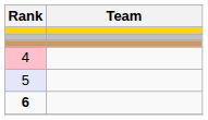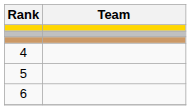 <table class="wikitable">
 <tr>
 <th>Rank</th>
 <th width=170>Team</th>
 </tr>
 <tr bgcolor=gold>
 <td align=center></td>
 <td></td>
 </tr>
 <tr bgcolor=silver>
 <td align=center></td>
 <td></td>
 </tr>
 <tr bgcolor=#cc9966>
 <td align=center></td>
 <td></td>
 </tr>
 <tr>
-<td align=center style="background: pink;">4</td>
+<td align=center>4</td>
 <td></td>
 </tr>
 <tr>
-<td align=center style="background: lavender;">5</td>
+<td align=center>5</td>
 <td></td>
 </tr>
 <tr>
-<td align=center><strong>6</strong></td>
+<td align=center>6</td>
 <td></td>
 </tr>
 <tr>
 </tr>
 </table>
